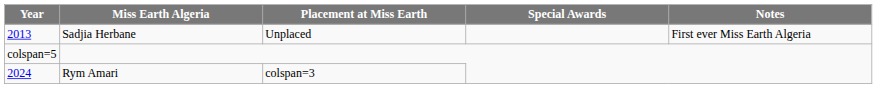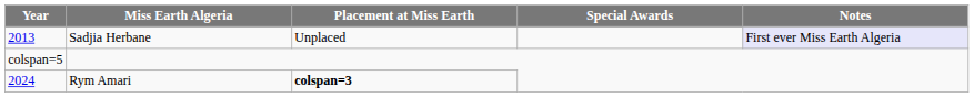 <table class="wikitable " style="font-size: 95%;">
 <tr>
 <th width="60" style="background-color:#787878;color:#FFFFFF;">Year</th>
 <th width="250" style="background-color:#787878;color:#FFFFFF;">Miss Earth Algeria</th>
 <th width="250" style="background-color:#787878;color:#FFFFFF;">Placement at Miss Earth</th>
 <th width="250" style="background-color:#787878;color:#FFFFFF;">Special Awards</th>
 <th width="250" style="background-color:#787878;color:#FFFFFF;">Notes</th>
 </tr>
 <tr>
 <td><a href='#'>2013</a></td>
 <td>Sadjia Herbane</td>
 <td>Unplaced</td>
 <td></td>
-<td>First ever Miss Earth Algeria</td>
+<td style="background: lavender;">First ever Miss Earth Algeria</td>
 </tr>
 <tr>
 <td>colspan=5 </td>
 </tr>
 <tr>
 <td><a href='#'>2024</a></td>
 <td>Rym Amari</td>
-<td>colspan=3 </td>
+<td><strong>colspan=3 </strong></td>
 </tr>
 </table>
